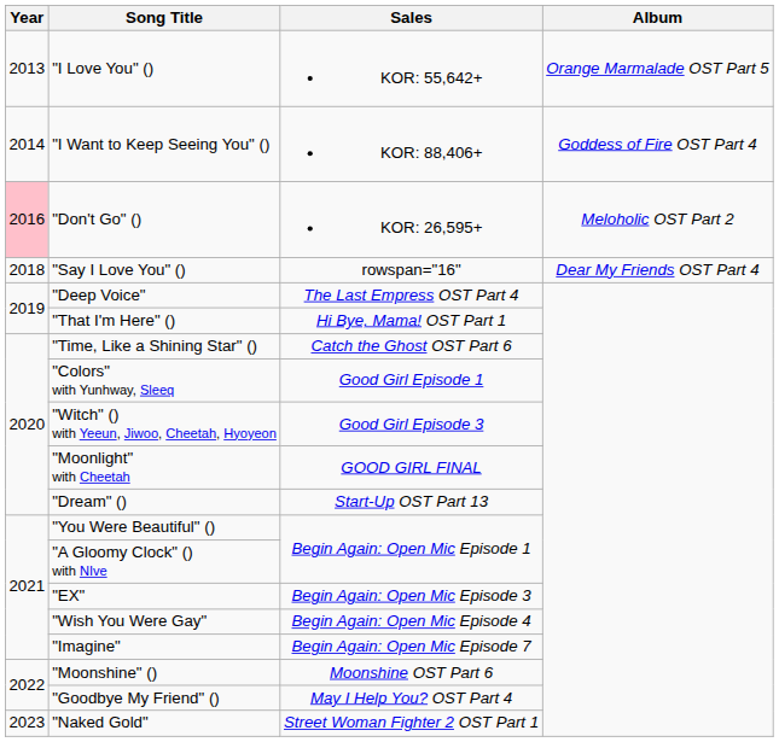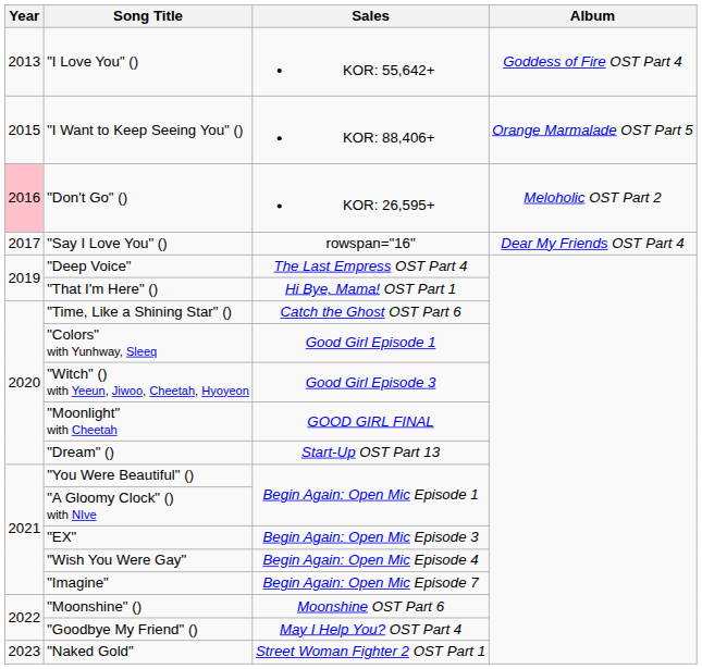 <table class="wikitable" style="text-align:center;" border="1">
 <tr>
 <th scope="col">Year</th>
 <th scope="col">Song Title</th>
 <th scope="col">Sales</th>
 <th scope="col">Album</th>
 </tr>
 <tr>
 <td rowspan="1">2013</td>
 <td style="text-align:left;">"I Love You" ()</td>
 <td><br><ul><li>KOR: 55,642+</li></ul></td>
-<td style="text-align:center;"><em><a href='#'>Orange Marmalade</a> OST Part 5</em></td>
+<td style="text-align:center;"><em><a href='#'>Goddess of Fire</a> OST Part 4</em></td>
 </tr>
 <tr>
-<td rowspan="1">2014</td>
+<td rowspan="1">2015</td>
 <td style="text-align:left;">"I Want to Keep Seeing You" ()</td>
 <td><br><ul><li>KOR: 88,406+</li></ul></td>
-<td style="text-align:center;"><em><a href='#'>Goddess of Fire</a> OST Part 4</em></td>
+<td style="text-align:center;"><em><a href='#'>Orange Marmalade</a> OST Part 5</em></td>
 </tr>
 <tr>
 <td rowspan="1" style="background: pink;">2016</td>
 <td style="text-align:left;">"Don't Go" ()</td>
 <td><br><ul><li>KOR: 26,595+</li></ul></td>
 <td><em><a href='#'>Meloholic</a> OST Part 2</em></td>
 </tr>
 <tr>
-<td>2018</td>
+<td>2017</td>
 <td style="text-align:left;">"Say I Love You" ()</td>
 <td>rowspan="16" </td>
 <td style="text-align:center;"><em><a href='#'>Dear My Friends</a> OST Part 4</em></td>
 </tr>
 <tr>
 <td rowspan="2">2019</td>
 <td style="text-align:left;">"Deep Voice"</td>
 <td><em><a href='#'>The Last Empress</a> OST Part 4</em></td>
 </tr>
 <tr>
 <td style="text-align:left;">"That I'm Here" ()</td>
 <td style="text-align:center;"><em><a href='#'>Hi Bye, Mama!</a> OST Part 1</em></td>
 </tr>
 <tr>
 <td rowspan="5">2020</td>
 <td style="text-align:left;">"Time, Like a Shining Star" ()</td>
 <td style="text-align:center;"><em><a href='#'>Catch the Ghost</a> OST Part 6</em></td>
 </tr>
 <tr>
 <td style="text-align:left;">"Colors" <br><small>with Yunhway, <a href='#'>Sleeq</a></small></td>
 <td><em><a href='#'>Good Girl Episode 1</a></em></td>
 </tr>
 <tr>
 <td style="text-align:left;">"Witch" ()<br><small>with <a href='#'>Yeeun</a>, <a href='#'>Jiwoo</a>, <a href='#'>Cheetah</a>, <a href='#'>Hyoyeon</a> </small></td>
 <td><em><a href='#'>Good Girl Episode 3</a></em></td>
 </tr>
 <tr>
 <td style="text-align:left;">"Moonlight"<br><small>with <a href='#'>Cheetah</a></small></td>
 <td style="text-align:center;"><em><a href='#'>GOOD GIRL FINAL</a></em></td>
 </tr>
 <tr>
 <td style="text-align:left;">"Dream" ()</td>
 <td style="text-align:center;"><em><a href='#'>Start-Up</a> OST Part 13</em></td>
 </tr>
 <tr>
 <td rowspan="5">2021</td>
 <td style="text-align:left;">"You Were Beautiful" ()</td>
 <td rowspan="2"><em><a href='#'>Begin Again: Open Mic</a> Episode 1</em></td>
 </tr>
 <tr>
 <td style="text-align:left;">"A Gloomy Clock" ()<br><small>with <a href='#'>NIve</a></small></td>
 </tr>
 <tr>
 <td style="text-align:left;">"EX"</td>
 <td><em><a href='#'>Begin Again: Open Mic</a> Episode 3</em></td>
 </tr>
 <tr>
 <td style="text-align:left;">"Wish You Were Gay"</td>
 <td><em><a href='#'>Begin Again: Open Mic</a> Episode 4</em></td>
 </tr>
 <tr>
 <td style="text-align:left;">"Imagine"</td>
 <td><em><a href='#'>Begin Again: Open Mic</a> Episode 7</em></td>
 </tr>
 <tr>
 <td rowspan="2">2022</td>
 <td style="text-align:left;">"Moonshine" ()</td>
 <td style="text-align:center;"><em><a href='#'>Moonshine</a> OST Part 6</em></td>
 </tr>
 <tr>
 <td style="text-align:left;">"Goodbye My Friend" ()</td>
 <td style="text-align:center;"><em><a href='#'>May I Help You?</a> OST Part 4</em></td>
 </tr>
 <tr>
 <td>2023</td>
 <td style="text-align:left;">"Naked Gold" </td>
 <td style="text-align:center;"><em><a href='#'>Street Woman Fighter 2</a> OST Part 1</em></td>
 </tr>
 </table>
